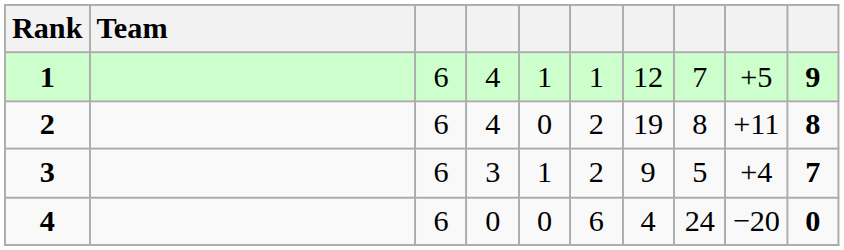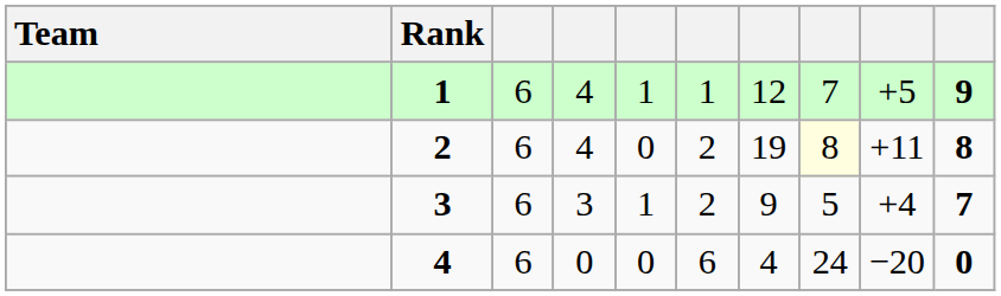 <table class="wikitable" style="text-align:center">
 <tr>
+<th width=165 style="text-align:left">Team</th>
 <th width=30>Rank</th>
-<th width=165 style="text-align:left">Team</th>
 <th width=20></th>
 <th width=20></th>
 <th width=20></th>
 <th width=20></th>
 <th width=20></th>
 <th width=20></th>
 <th width=20></th>
 <th width=20></th>
 </tr>
 <tr bgcolor="#ccffcc">
+<td align="left"></td>
 <td><strong>1</strong></td>
-<td align="left"></td>
 <td>6</td>
 <td>4</td>
 <td>1</td>
 <td>1</td>
 <td>12</td>
 <td>7</td>
 <td>+5</td>
 <td><strong>9</strong></td>
 </tr>
 <tr>
+<td align="left"></td>
 <td><strong>2</strong></td>
-<td align="left"></td>
 <td>6</td>
 <td>4</td>
 <td>0</td>
 <td>2</td>
 <td>19</td>
-<td>8</td>
+<td style="background: lightyellow;">8</td>
 <td>+11</td>
 <td><strong>8</strong></td>
 </tr>
 <tr>
+<td align="left"></td>
 <td><strong>3</strong></td>
-<td align="left"></td>
 <td>6</td>
 <td>3</td>
 <td>1</td>
 <td>2</td>
 <td>9</td>
 <td>5</td>
 <td>+4</td>
 <td><strong>7</strong></td>
 </tr>
 <tr>
+<td align="left"></td>
 <td><strong>4</strong></td>
-<td align="left"></td>
 <td>6</td>
 <td>0</td>
 <td>0</td>
 <td>6</td>
 <td>4</td>
 <td>24</td>
 <td>−20</td>
 <td><strong>0</strong></td>
 </tr>
 </table>
